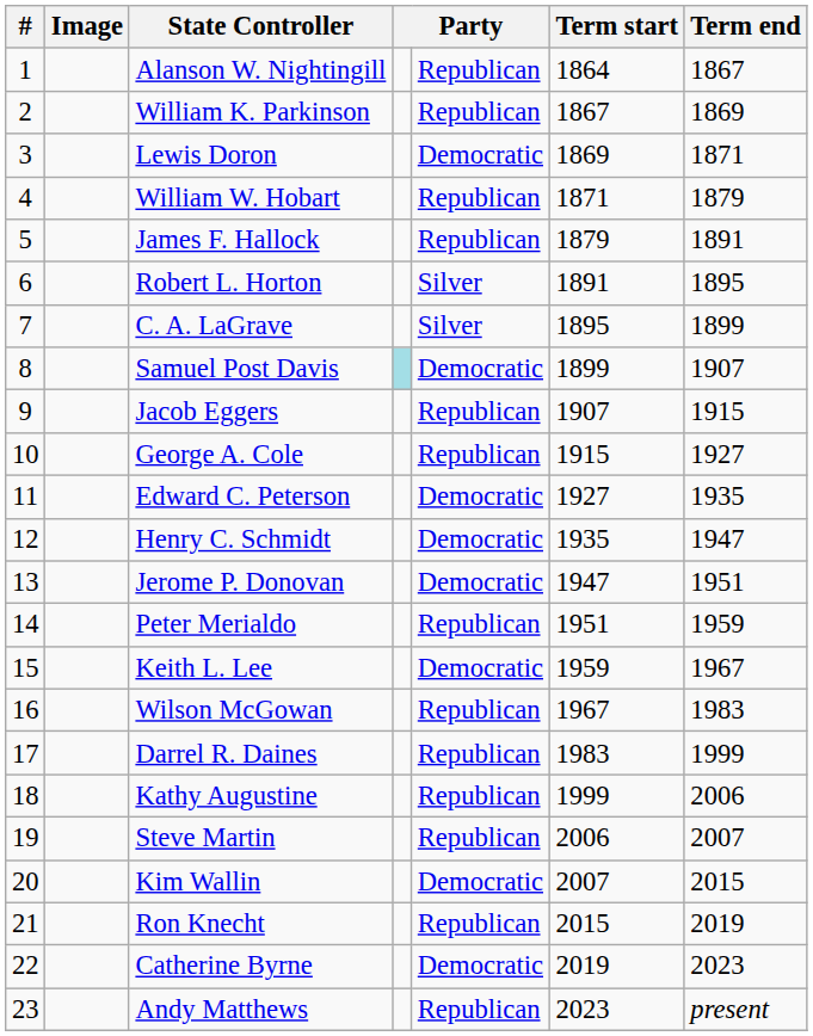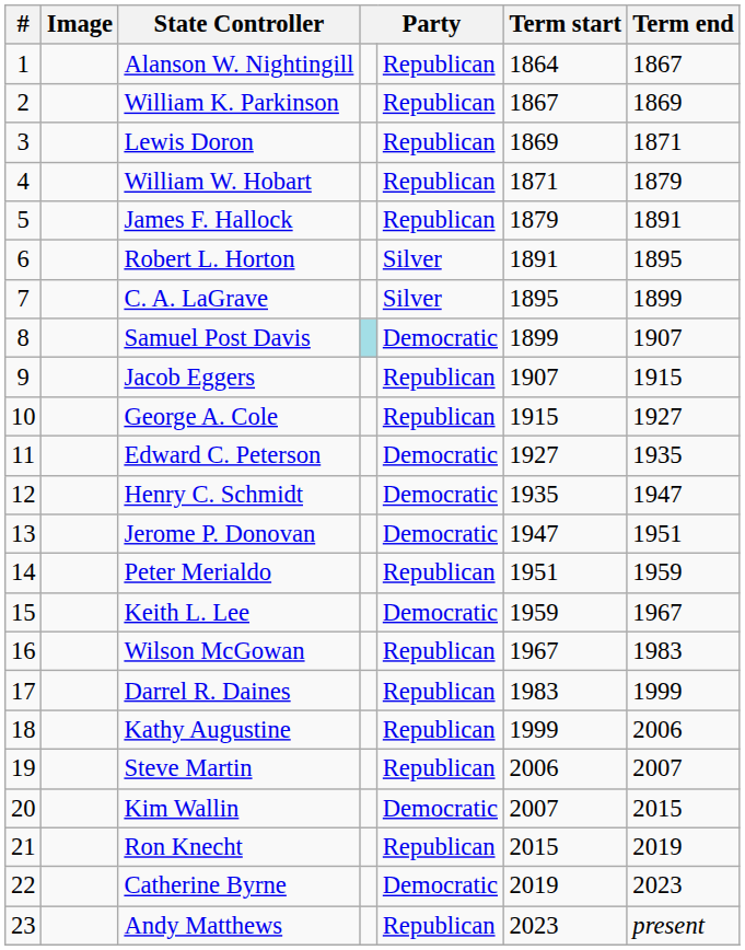 <table class="wikitable">
 <tr>
 <th>#</th>
 <th>Image</th>
 <th>State Controller</th>
 <th colspan="2">Party</th>
 <th>Term start</th>
 <th>Term end</th>
 </tr>
 <tr>
 <td style="text-align:center;">1</td>
 <td></td>
 <td><a href='#'>Alanson W. Nightingill</a></td>
 <td style="background: "> </td>
 <td><a href='#'>Republican</a></td>
 <td>1864</td>
 <td>1867</td>
 </tr>
 <tr>
 <td style="text-align:center;">2</td>
 <td></td>
 <td><a href='#'>William K. Parkinson</a></td>
 <td style="background: "> </td>
 <td><a href='#'>Republican</a></td>
 <td>1867</td>
 <td>1869</td>
 </tr>
 <tr>
 <td style="text-align:center;">3</td>
 <td></td>
 <td><a href='#'>Lewis Doron</a></td>
 <td style="background: "> </td>
-<td><a href='#'>Democratic</a></td>
+<td><a href='#'>Republican</a></td>
 <td>1869</td>
 <td>1871</td>
 </tr>
 <tr>
 <td style="text-align:center;">4</td>
 <td></td>
 <td><a href='#'>William W. Hobart</a></td>
 <td style="background: "> </td>
 <td><a href='#'>Republican</a></td>
 <td>1871</td>
 <td>1879</td>
 </tr>
 <tr>
 <td style="text-align:center;">5</td>
 <td></td>
 <td><a href='#'>James F. Hallock</a></td>
 <td style="background: "> </td>
 <td><a href='#'>Republican</a></td>
 <td>1879</td>
 <td>1891</td>
 </tr>
 <tr>
 <td style="text-align:center;">6</td>
 <td></td>
 <td><a href='#'>Robert L. Horton</a></td>
 <td style="background: "> </td>
 <td><a href='#'>Silver</a></td>
 <td>1891</td>
 <td>1895</td>
 </tr>
 <tr>
 <td style="text-align:center;">7</td>
 <td></td>
 <td><a href='#'>C. A. LaGrave</a></td>
 <td style="background: "> </td>
 <td><a href='#'>Silver</a></td>
 <td>1895</td>
 <td>1899</td>
 </tr>
 <tr>
 <td style="text-align:center;">8</td>
 <td></td>
 <td><a href='#'>Samuel Post Davis</a></td>
 <td bgcolor=#A3DEE6> </td>
 <td><a href='#'>Democratic</a></td>
 <td>1899</td>
 <td>1907</td>
 </tr>
 <tr>
 <td style="text-align:center;">9</td>
 <td></td>
 <td><a href='#'>Jacob Eggers</a></td>
 <td style="background: "> </td>
 <td><a href='#'>Republican</a></td>
 <td>1907</td>
 <td>1915</td>
 </tr>
 <tr>
 <td style="text-align:center;">10</td>
 <td></td>
 <td><a href='#'>George A. Cole</a></td>
 <td style="background: "> </td>
 <td><a href='#'>Republican</a></td>
 <td>1915</td>
 <td>1927</td>
 </tr>
 <tr>
 <td style="text-align:center;">11</td>
 <td></td>
 <td><a href='#'>Edward C. Peterson</a></td>
 <td style="background: "> </td>
 <td><a href='#'>Democratic</a></td>
 <td>1927</td>
 <td>1935</td>
 </tr>
 <tr>
 <td style="text-align:center;">12</td>
 <td></td>
 <td><a href='#'>Henry C. Schmidt</a></td>
 <td style="background: "> </td>
 <td><a href='#'>Democratic</a></td>
 <td>1935</td>
 <td>1947</td>
 </tr>
 <tr>
 <td style="text-align:center;">13</td>
 <td></td>
 <td><a href='#'>Jerome P. Donovan</a></td>
 <td style="background: "> </td>
 <td><a href='#'>Democratic</a></td>
 <td>1947</td>
 <td>1951</td>
 </tr>
 <tr>
 <td style="text-align:center;">14</td>
 <td></td>
 <td><a href='#'>Peter Merialdo</a></td>
 <td style="background: "> </td>
 <td><a href='#'>Republican</a></td>
 <td>1951</td>
 <td>1959</td>
 </tr>
 <tr>
 <td style="text-align:center;">15</td>
 <td></td>
 <td><a href='#'>Keith L. Lee</a></td>
 <td style="background: "> </td>
 <td><a href='#'>Democratic</a></td>
 <td>1959</td>
 <td>1967</td>
 </tr>
 <tr>
 <td style="text-align:center;">16</td>
 <td></td>
 <td><a href='#'>Wilson McGowan</a></td>
 <td style="background: "> </td>
 <td><a href='#'>Republican</a></td>
 <td>1967</td>
 <td>1983</td>
 </tr>
 <tr>
 <td style="text-align:center;">17</td>
 <td></td>
 <td><a href='#'>Darrel R. Daines</a></td>
 <td style="background: "> </td>
 <td><a href='#'>Republican</a></td>
 <td>1983</td>
 <td>1999</td>
 </tr>
 <tr>
 <td style="text-align:center;">18</td>
 <td></td>
 <td><a href='#'>Kathy Augustine</a></td>
 <td style="background: "> </td>
 <td><a href='#'>Republican</a></td>
 <td>1999</td>
 <td>2006</td>
 </tr>
 <tr>
 <td style="text-align:center;">19</td>
 <td></td>
 <td><a href='#'>Steve Martin</a></td>
 <td style="background: "> </td>
 <td><a href='#'>Republican</a></td>
 <td>2006</td>
 <td>2007</td>
 </tr>
 <tr>
 <td style="text-align:center;">20</td>
 <td></td>
 <td><a href='#'>Kim Wallin</a></td>
 <td style="background: "> </td>
 <td><a href='#'>Democratic</a></td>
 <td>2007</td>
 <td>2015</td>
 </tr>
 <tr>
 <td style="text-align:center;">21</td>
 <td></td>
 <td><a href='#'>Ron Knecht</a></td>
 <td style="background: "> </td>
 <td><a href='#'>Republican</a></td>
 <td>2015</td>
 <td>2019</td>
 </tr>
 <tr>
 <td style="text-align:center;">22</td>
 <td></td>
 <td><a href='#'>Catherine Byrne</a></td>
 <td style="background: "> </td>
 <td><a href='#'>Democratic</a></td>
 <td>2019</td>
 <td>2023</td>
 </tr>
 <tr>
 <td style="text-align:center;">23</td>
 <td></td>
 <td><a href='#'>Andy Matthews</a></td>
 <td style="background: "> </td>
 <td><a href='#'>Republican</a></td>
 <td>2023</td>
 <td><em>present</em></td>
 </tr>
 <tr>
 </tr>
 </table>
